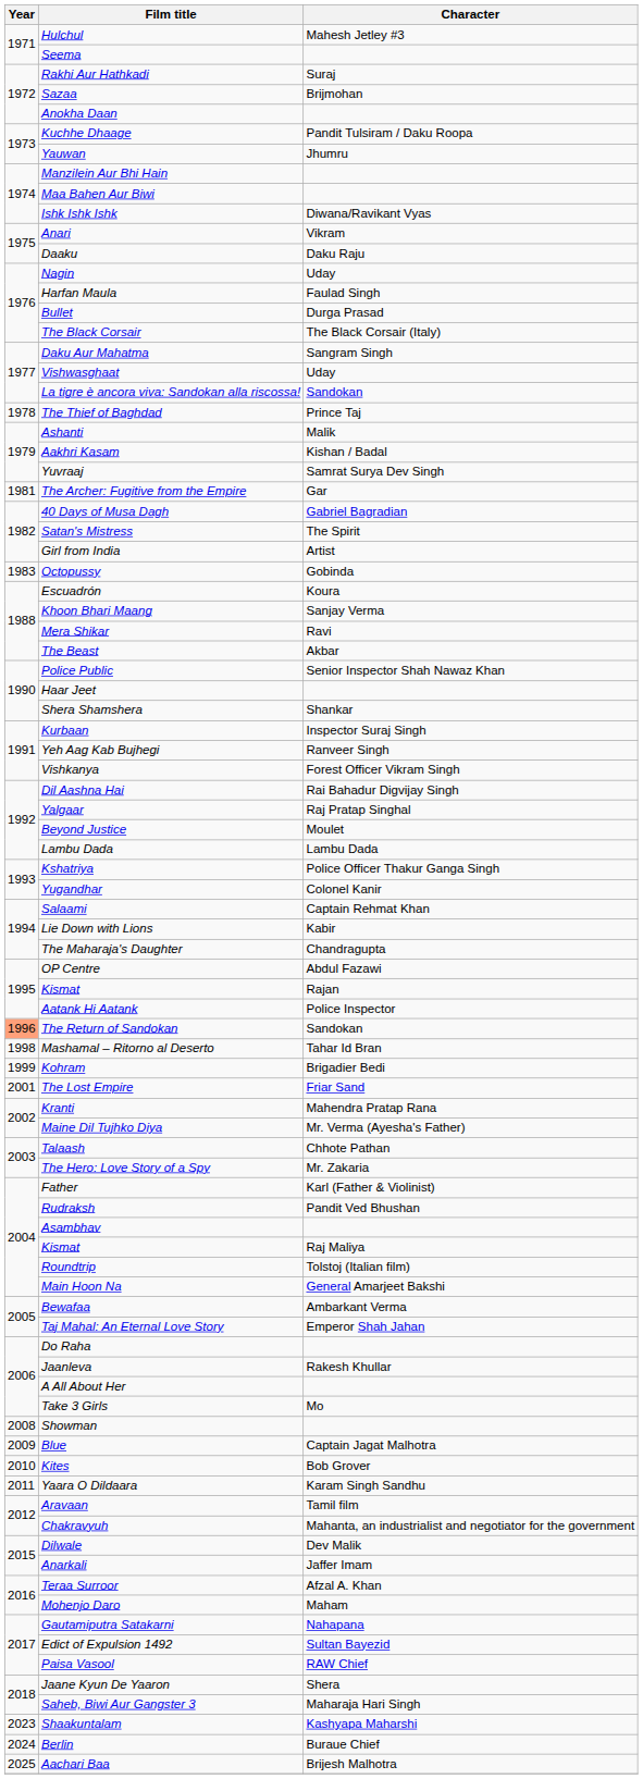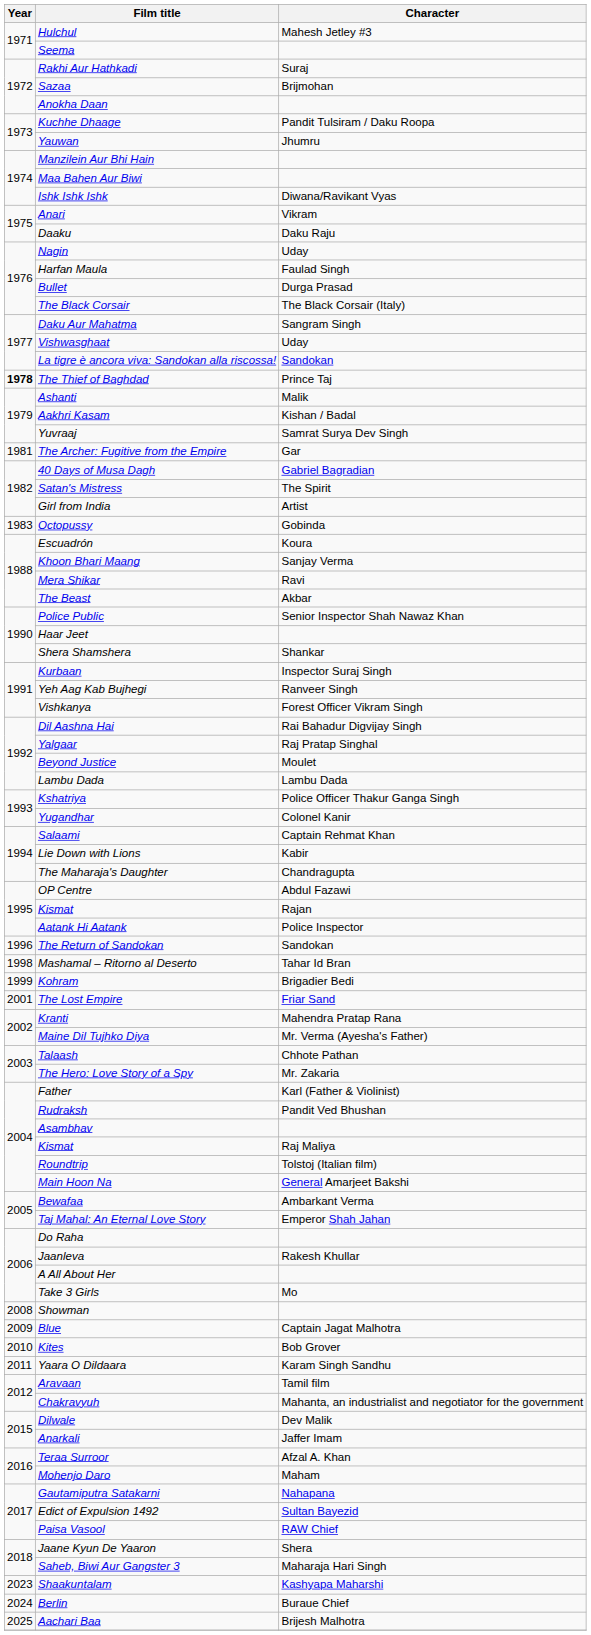 <table class="wikitable">
 <tr>
 <th>Year</th>
 <th>Film title</th>
 <th>Character</th>
 </tr>
 <tr>
 <td rowspan="2">1971</td>
 <td><em><a href='#'>Hulchul</a></em></td>
 <td>Mahesh Jetley #3</td>
 </tr>
 <tr>
 <td><em><a href='#'>Seema</a></em></td>
 <td></td>
 </tr>
 <tr>
 <td rowspan="3">1972</td>
 <td><em><a href='#'>Rakhi Aur Hathkadi</a></em></td>
 <td>Suraj</td>
 </tr>
 <tr>
 <td><em><a href='#'>Sazaa</a></em></td>
 <td>Brijmohan</td>
 </tr>
 <tr>
 <td><em><a href='#'>Anokha Daan</a></em></td>
 <td></td>
 </tr>
 <tr>
 <td rowspan="2">1973</td>
 <td><em><a href='#'>Kuchhe Dhaage</a></em></td>
 <td>Pandit Tulsiram / Daku Roopa</td>
 </tr>
 <tr>
 <td><em><a href='#'>Yauwan</a></em></td>
 <td>Jhumru</td>
 </tr>
 <tr>
 <td rowspan="3">1974</td>
 <td><em><a href='#'>Manzilein Aur Bhi Hain</a></em></td>
 <td></td>
 </tr>
 <tr>
 <td><em><a href='#'>Maa Bahen Aur Biwi</a></em></td>
 <td></td>
 </tr>
 <tr>
 <td><em><a href='#'>Ishk Ishk Ishk</a></em></td>
 <td>Diwana/Ravikant Vyas</td>
 </tr>
 <tr>
 <td rowspan="2">1975</td>
 <td><em><a href='#'>Anari</a></em></td>
 <td>Vikram</td>
 </tr>
 <tr>
 <td><em>Daaku</em></td>
 <td>Daku Raju</td>
 </tr>
 <tr>
 <td rowspan="4">1976</td>
 <td><em><a href='#'>Nagin</a></em></td>
 <td>Uday</td>
 </tr>
 <tr>
 <td><em>Harfan Maula</em></td>
 <td>Faulad Singh</td>
 </tr>
 <tr>
 <td><em><a href='#'>Bullet</a></em></td>
 <td>Durga Prasad</td>
 </tr>
 <tr>
 <td><em><a href='#'>The Black Corsair</a></em></td>
 <td>The Black Corsair (Italy)</td>
 </tr>
 <tr>
 <td rowspan="3">1977</td>
 <td><em><a href='#'>Daku Aur Mahatma</a></em></td>
 <td>Sangram Singh</td>
 </tr>
 <tr>
 <td><em><a href='#'>Vishwasghaat</a></em></td>
 <td>Uday</td>
 </tr>
 <tr>
 <td><em><a href='#'>La tigre è ancora viva: Sandokan alla riscossa!</a></em></td>
 <td><a href='#'>Sandokan</a></td>
 </tr>
 <tr>
-<td>1978</td>
+<td><strong>1978</strong></td>
 <td><em><a href='#'>The Thief of Baghdad</a></em></td>
 <td>Prince Taj</td>
 </tr>
 <tr>
 <td rowspan="3">1979</td>
 <td><em><a href='#'>Ashanti</a></em></td>
 <td>Malik</td>
 </tr>
 <tr>
 <td><em><a href='#'>Aakhri Kasam</a></em></td>
 <td>Kishan / Badal</td>
 </tr>
 <tr>
 <td><em>Yuvraaj</em></td>
 <td>Samrat Surya Dev Singh</td>
 </tr>
 <tr>
 <td>1981</td>
 <td><em><a href='#'>The Archer: Fugitive from the Empire</a></em></td>
 <td>Gar</td>
 </tr>
 <tr>
 <td rowspan="3">1982</td>
 <td><em><a href='#'>40 Days of Musa Dagh</a></em></td>
 <td><a href='#'>Gabriel Bagradian</a></td>
 </tr>
 <tr>
 <td><em><a href='#'>Satan's Mistress</a></em></td>
 <td>The Spirit</td>
 </tr>
 <tr>
 <td><em>Girl from India</em></td>
 <td>Artist</td>
 </tr>
 <tr>
 <td>1983</td>
 <td><em><a href='#'>Octopussy</a></em></td>
 <td>Gobinda</td>
 </tr>
 <tr>
 <td rowspan="4">1988</td>
 <td><em>Escuadrón</em></td>
 <td>Koura</td>
 </tr>
 <tr>
 <td><em><a href='#'>Khoon Bhari Maang</a></em></td>
 <td>Sanjay Verma</td>
 </tr>
 <tr>
 <td><em><a href='#'>Mera Shikar</a></em></td>
 <td>Ravi</td>
 </tr>
 <tr>
 <td><em><a href='#'>The Beast</a></em></td>
 <td>Akbar</td>
 </tr>
 <tr>
 <td rowspan="3">1990</td>
 <td><em><a href='#'>Police Public</a></em></td>
 <td>Senior Inspector Shah Nawaz Khan</td>
 </tr>
 <tr>
 <td><em> Haar Jeet</em></td>
 <td></td>
 </tr>
 <tr>
 <td><em>Shera Shamshera</em></td>
 <td>Shankar</td>
 </tr>
 <tr>
 <td rowspan="3">1991</td>
 <td><em><a href='#'>Kurbaan</a></em></td>
 <td>Inspector Suraj Singh</td>
 </tr>
 <tr>
 <td><em>Yeh Aag Kab Bujhegi</em></td>
 <td>Ranveer Singh</td>
 </tr>
 <tr>
 <td><em>Vishkanya</em></td>
 <td>Forest Officer Vikram Singh</td>
 </tr>
 <tr>
 <td rowspan="4">1992</td>
 <td><em><a href='#'>Dil Aashna Hai</a></em></td>
 <td>Rai Bahadur Digvijay Singh</td>
 </tr>
 <tr>
 <td><em><a href='#'>Yalgaar</a></em></td>
 <td>Raj Pratap Singhal</td>
 </tr>
 <tr>
 <td><em><a href='#'>Beyond Justice</a></em></td>
 <td>Moulet</td>
 </tr>
 <tr>
 <td><em>Lambu Dada</em></td>
 <td>Lambu Dada</td>
 </tr>
 <tr>
 <td rowspan="2">1993</td>
 <td><em><a href='#'>Kshatriya</a></em></td>
 <td>Police Officer Thakur Ganga Singh</td>
 </tr>
 <tr>
 <td><em><a href='#'>Yugandhar</a></em></td>
 <td>Colonel Kanir</td>
 </tr>
 <tr>
 <td rowspan="3">1994</td>
 <td><em><a href='#'>Salaami</a></em></td>
 <td>Captain Rehmat Khan</td>
 </tr>
 <tr>
 <td><em>Lie Down with Lions</em></td>
 <td>Kabir</td>
 </tr>
 <tr>
 <td><em>The Maharaja's Daughter</em></td>
 <td>Chandragupta</td>
 </tr>
 <tr>
 <td rowspan="3">1995</td>
 <td><em>OP Centre</em></td>
 <td>Abdul Fazawi</td>
 </tr>
 <tr>
 <td><em><a href='#'>Kismat</a></em></td>
 <td>Rajan</td>
 </tr>
 <tr>
 <td><em><a href='#'>Aatank Hi Aatank</a></em></td>
 <td>Police Inspector</td>
 </tr>
 <tr>
-<td style="background: lightsalmon;">1996</td>
+<td>1996</td>
 <td><em><a href='#'>The Return of Sandokan</a></em></td>
 <td>Sandokan</td>
 </tr>
 <tr>
 <td rowspan="1">1998</td>
 <td><em>Mashamal – Ritorno al Deserto</em></td>
 <td>Tahar Id Bran</td>
 </tr>
 <tr>
 <td>1999</td>
 <td><em><a href='#'>Kohram</a></em></td>
 <td>Brigadier Bedi</td>
 </tr>
 <tr>
 <td>2001</td>
 <td><em><a href='#'>The Lost Empire</a></em></td>
 <td><a href='#'>Friar Sand</a></td>
 </tr>
 <tr>
 <td rowspan="2">2002</td>
 <td><em><a href='#'>Kranti</a></em></td>
 <td>Mahendra Pratap Rana</td>
 </tr>
 <tr>
 <td><em><a href='#'>Maine Dil Tujhko Diya</a></em></td>
 <td>Mr. Verma (Ayesha's Father)</td>
 </tr>
 <tr>
 <td rowspan="2">2003</td>
 <td><em><a href='#'>Talaash</a></em></td>
 <td>Chhote Pathan</td>
 </tr>
 <tr>
 <td><em><a href='#'>The Hero: Love Story of a Spy</a></em></td>
 <td>Mr. Zakaria</td>
 </tr>
 <tr>
 <td rowspan="6">2004</td>
 <td><em>Father</em></td>
 <td>Karl (Father & Violinist)</td>
 </tr>
 <tr>
 <td><em><a href='#'>Rudraksh</a></em></td>
 <td>Pandit Ved Bhushan</td>
 </tr>
 <tr>
 <td><em><a href='#'>Asambhav</a></em></td>
 <td></td>
 </tr>
 <tr>
 <td><em><a href='#'>Kismat</a></em></td>
 <td>Raj Maliya</td>
 </tr>
 <tr>
 <td><em><a href='#'>Roundtrip</a></em></td>
 <td>Tolstoj (Italian film)</td>
 </tr>
 <tr>
 <td><em><a href='#'>Main Hoon Na</a></em></td>
 <td><a href='#'>General</a> Amarjeet Bakshi</td>
 </tr>
 <tr>
 <td rowspan="2">2005</td>
 <td><em><a href='#'>Bewafaa</a></em></td>
 <td>Ambarkant Verma</td>
 </tr>
 <tr>
 <td><em><a href='#'>Taj Mahal: An Eternal Love Story</a></em></td>
 <td>Emperor <a href='#'>Shah Jahan</a></td>
 </tr>
 <tr>
 <td rowspan="4">2006</td>
 <td><em>Do Raha</em></td>
 <td></td>
 </tr>
 <tr>
 <td><em>Jaanleva</em></td>
 <td>Rakesh Khullar</td>
 </tr>
 <tr>
 <td><em>A All About Her</em></td>
 <td></td>
 </tr>
 <tr>
 <td><em>Take 3 Girls</em></td>
 <td>Mo</td>
 </tr>
 <tr>
 <td>2008</td>
 <td><em>Showman</em></td>
 <td></td>
 </tr>
 <tr>
 <td>2009</td>
 <td><em><a href='#'>Blue</a></em></td>
 <td>Captain Jagat Malhotra</td>
 </tr>
 <tr>
 <td>2010</td>
 <td><em><a href='#'>Kites</a></em></td>
 <td>Bob Grover</td>
 </tr>
 <tr>
 <td rowspan="1">2011</td>
 <td><em>Yaara O Dildaara</em></td>
 <td>Karam Singh Sandhu</td>
 </tr>
 <tr>
 <td rowspan="2">2012</td>
 <td><em><a href='#'>Aravaan</a></em></td>
 <td>Tamil film</td>
 </tr>
 <tr>
 <td><em><a href='#'>Chakravyuh</a></em></td>
 <td>Mahanta, an industrialist and negotiator for the government</td>
 </tr>
 <tr>
 <td rowspan="2">2015</td>
 <td><em><a href='#'>Dilwale</a></em></td>
 <td>Dev Malik</td>
 </tr>
 <tr>
 <td><em><a href='#'>Anarkali</a></em></td>
 <td>Jaffer Imam</td>
 </tr>
 <tr>
 <td rowspan="2">2016</td>
 <td><em><a href='#'>Teraa Surroor</a></em></td>
 <td>Afzal A. Khan</td>
 </tr>
 <tr>
 <td><em><a href='#'>Mohenjo Daro</a></em></td>
 <td>Maham</td>
 </tr>
 <tr>
 <td rowspan="3">2017</td>
 <td><em><a href='#'>Gautamiputra Satakarni</a></em></td>
 <td><a href='#'>Nahapana</a></td>
 </tr>
 <tr>
 <td><em>Edict of Expulsion 1492</em></td>
 <td><a href='#'>Sultan Bayezid</a></td>
 </tr>
 <tr>
 <td><em><a href='#'>Paisa Vasool</a></em></td>
 <td><a href='#'>RAW Chief</a></td>
 </tr>
 <tr>
 <td rowspan="2">2018</td>
 <td><em>Jaane Kyun De Yaaron</em></td>
 <td>Shera</td>
 </tr>
 <tr>
 <td><em><a href='#'>Saheb, Biwi Aur Gangster 3</a></em></td>
 <td>Maharaja Hari Singh</td>
 </tr>
 <tr>
 <td>2023</td>
 <td><em><a href='#'>Shaakuntalam</a></em></td>
 <td><a href='#'>Kashyapa Maharshi</a></td>
 </tr>
 <tr>
 <td>2024</td>
 <td><em><a href='#'> Berlin</a></em></td>
 <td>Buraue Chief</td>
 </tr>
 <tr>
 <td>2025</td>
 <td><a href='#'><em>Aachari Baa</em></a></td>
 <td>Brijesh Malhotra</td>
 </tr>
 <tr>
 </tr>
 </table>
